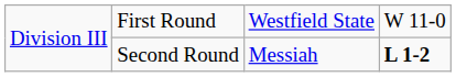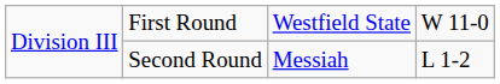 <table class="wikitable">
 <tr>
 <td rowspan="3"><a href='#'>Division III</a></td>
 <td>First Round</td>
 <td><a href='#'>Westfield State</a></td>
 <td>W 11-0</td>
 </tr>
 <tr>
 <td>Second Round</td>
 <td><a href='#'>Messiah</a></td>
-<td><strong>L 1-2</strong></td>
+<td>L 1-2</td>
 </tr>
 </table>
